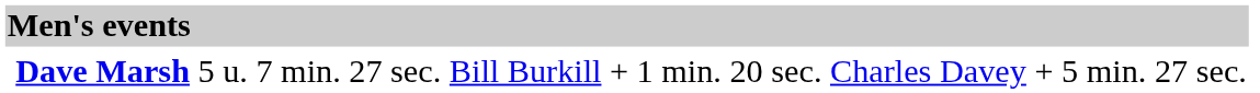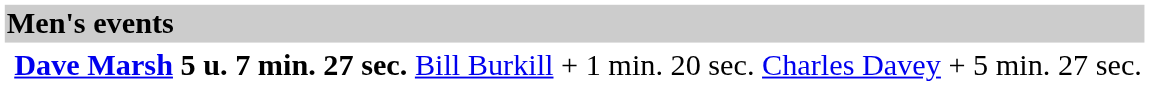 <table>
 <tr bgcolor="#cccccc">
 <td colspan=7><strong>Men's events</strong></td>
 </tr>
 <tr>
 <td><br></td>
 <td><strong><a href='#'>Dave Marsh</a></strong><br><small></small></td>
-<td align=right>5 u. 7 min. 27 sec.</td>
+<td align=right><strong>5 u. 7 min. 27 sec.</strong></td>
 <td><a href='#'>Bill Burkill</a><br><small></small></td>
 <td align=right>+ 1 min. 20 sec.</td>
 <td><a href='#'>Charles Davey</a><br><small></small></td>
 <td align=right>+ 5 min. 27 sec.</td>
 </tr>
 </table>
